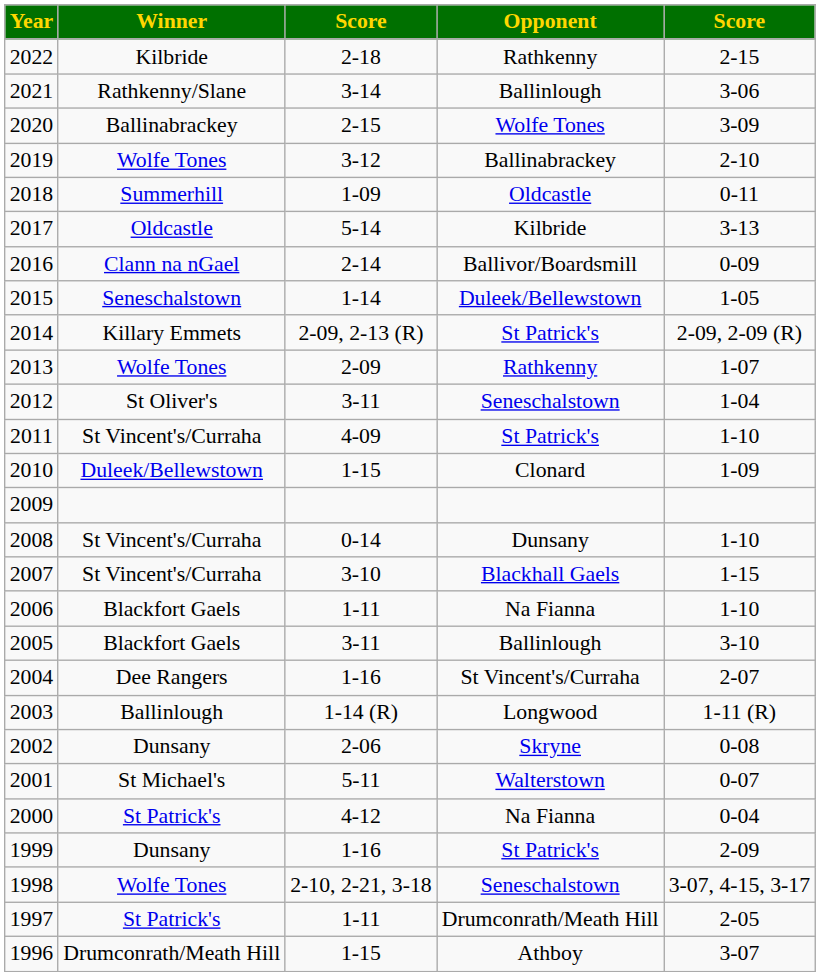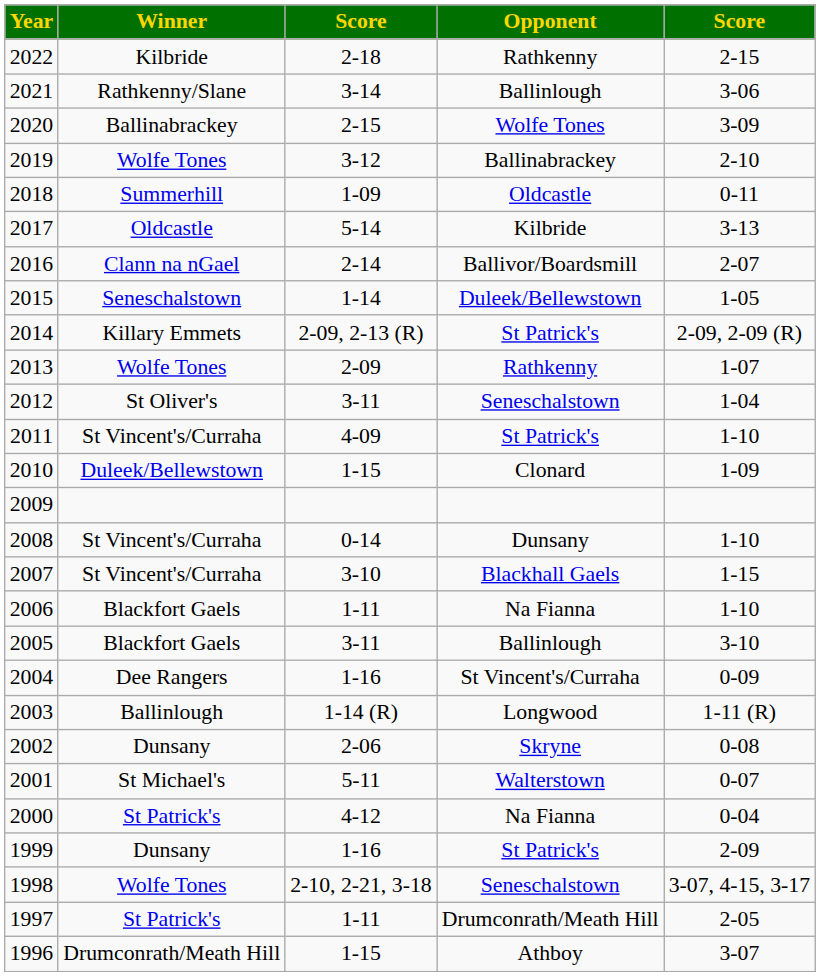 <table class="wikitable" style="text-align:center;">
 <tr>
 <th style="background:#007000;color:gold">Year</th>
 <th style="background:#007000;color:gold">Winner</th>
 <th style="background:#007000;color:gold">Score</th>
 <th style="background:#007000;color:gold">Opponent</th>
 <th style="background:#007000;color:gold">Score</th>
 </tr>
 <tr 15B.C>
 </tr>
 <tr>
 <td>2022</td>
 <td>Kilbride</td>
 <td>2-18</td>
 <td>Rathkenny</td>
 <td>2-15</td>
 </tr>
 <tr>
 <td>2021</td>
 <td>Rathkenny/Slane</td>
 <td>3-14</td>
 <td>Ballinlough</td>
 <td>3-06</td>
 </tr>
 <tr>
 <td>2020 </td>
 <td>Ballinabrackey</td>
 <td>2-15</td>
 <td><a href='#'>Wolfe Tones</a></td>
 <td>3-09</td>
 </tr>
 <tr>
 <td>2019 </td>
 <td><a href='#'>Wolfe Tones</a></td>
 <td>3-12</td>
 <td>Ballinabrackey</td>
 <td>2-10</td>
 </tr>
 <tr>
 <td>2018 </td>
 <td><a href='#'>Summerhill</a></td>
 <td>1-09</td>
 <td><a href='#'>Oldcastle</a></td>
 <td>0-11</td>
 </tr>
 <tr>
 <td>2017 </td>
 <td><a href='#'>Oldcastle</a></td>
 <td>5-14</td>
 <td>Kilbride</td>
 <td>3-13</td>
 </tr>
 <tr>
 <td>2016 </td>
 <td><a href='#'>Clann na nGael</a></td>
 <td>2-14</td>
 <td>Ballivor/Boardsmill</td>
-<td>0-09</td>
+<td>2-07</td>
 </tr>
 <tr>
 <td>2015 </td>
 <td><a href='#'>Seneschalstown</a></td>
 <td>1-14</td>
 <td><a href='#'>Duleek/Bellewstown</a></td>
 <td>1-05</td>
 </tr>
 <tr>
 <td>2014 </td>
 <td>Killary Emmets</td>
 <td>2-09, 2-13 (R)</td>
 <td><a href='#'>St Patrick's</a></td>
 <td>2-09, 2-09 (R)</td>
 </tr>
 <tr>
 <td>2013 </td>
 <td><a href='#'>Wolfe Tones</a></td>
 <td>2-09</td>
 <td><a href='#'>Rathkenny</a></td>
 <td>1-07</td>
 </tr>
 <tr>
 <td>2012 </td>
 <td>St Oliver's</td>
 <td>3-11</td>
 <td><a href='#'>Seneschalstown</a></td>
 <td>1-04</td>
 </tr>
 <tr>
 <td>2011 </td>
 <td>St Vincent's/Curraha</td>
 <td>4-09</td>
 <td><a href='#'>St Patrick's</a></td>
 <td>1-10</td>
 </tr>
 <tr>
 <td>2010</td>
 <td><a href='#'>Duleek/Bellewstown</a></td>
 <td>1-15</td>
 <td>Clonard</td>
 <td>1-09</td>
 </tr>
 <tr>
 <td>2009</td>
 <td></td>
 <td></td>
 <td></td>
 <td></td>
 </tr>
 <tr>
 <td>2008</td>
 <td>St Vincent's/Curraha</td>
 <td>0-14</td>
 <td>Dunsany</td>
 <td>1-10</td>
 </tr>
 <tr>
 <td>2007</td>
 <td>St Vincent's/Curraha</td>
 <td>3-10</td>
 <td><a href='#'>Blackhall Gaels</a></td>
 <td>1-15</td>
 </tr>
 <tr>
 <td>2006</td>
 <td>Blackfort Gaels</td>
 <td>1-11</td>
 <td>Na Fianna</td>
 <td>1-10</td>
 </tr>
 <tr>
 <td>2005</td>
 <td>Blackfort Gaels</td>
 <td>3-11</td>
 <td>Ballinlough</td>
 <td>3-10</td>
 </tr>
 <tr>
 <td>2004</td>
 <td>Dee Rangers</td>
 <td>1-16</td>
 <td>St Vincent's/Curraha</td>
-<td>2-07</td>
+<td>0-09</td>
 </tr>
 <tr>
 <td>2003</td>
 <td>Ballinlough</td>
 <td>1-14 (R)</td>
 <td>Longwood</td>
 <td>1-11 (R)</td>
 </tr>
 <tr>
 <td>2002</td>
 <td>Dunsany</td>
 <td>2-06</td>
 <td><a href='#'>Skryne</a></td>
 <td>0-08</td>
 </tr>
 <tr>
 <td>2001</td>
 <td>St Michael's</td>
 <td>5-11</td>
 <td><a href='#'>Walterstown</a></td>
 <td>0-07</td>
 </tr>
 <tr>
 <td>2000</td>
 <td><a href='#'>St Patrick's</a></td>
 <td>4-12</td>
 <td>Na Fianna</td>
 <td>0-04</td>
 </tr>
 <tr>
 <td>1999</td>
 <td>Dunsany</td>
 <td>1-16</td>
 <td><a href='#'>St Patrick's</a></td>
 <td>2-09</td>
 </tr>
 <tr>
 <td>1998</td>
 <td><a href='#'>Wolfe Tones</a></td>
 <td>2-10, 2-21, 3-18</td>
 <td><a href='#'>Seneschalstown</a></td>
 <td>3-07, 4-15, 3-17</td>
 </tr>
 <tr>
 <td>1997</td>
 <td><a href='#'>St Patrick's</a></td>
 <td>1-11</td>
 <td>Drumconrath/Meath Hill</td>
 <td>2-05</td>
 </tr>
 <tr>
 <td>1996</td>
 <td>Drumconrath/Meath Hill</td>
 <td>1-15</td>
 <td>Athboy</td>
 <td>3-07</td>
 </tr>
 <tr>
 </tr>
 </table>
